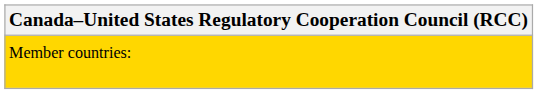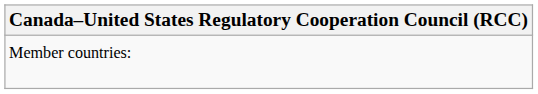 <table class="wikitable" align="right">
 <tr>
 <th>Canada–United States Regulatory Cooperation Council (RCC)</th>
 </tr>
 <tr>
-<td style="background: gold;"><small>Member countries:</small><br><br></td>
+<td><small>Member countries:</small><br><br></td>
 </tr>
 </table>
